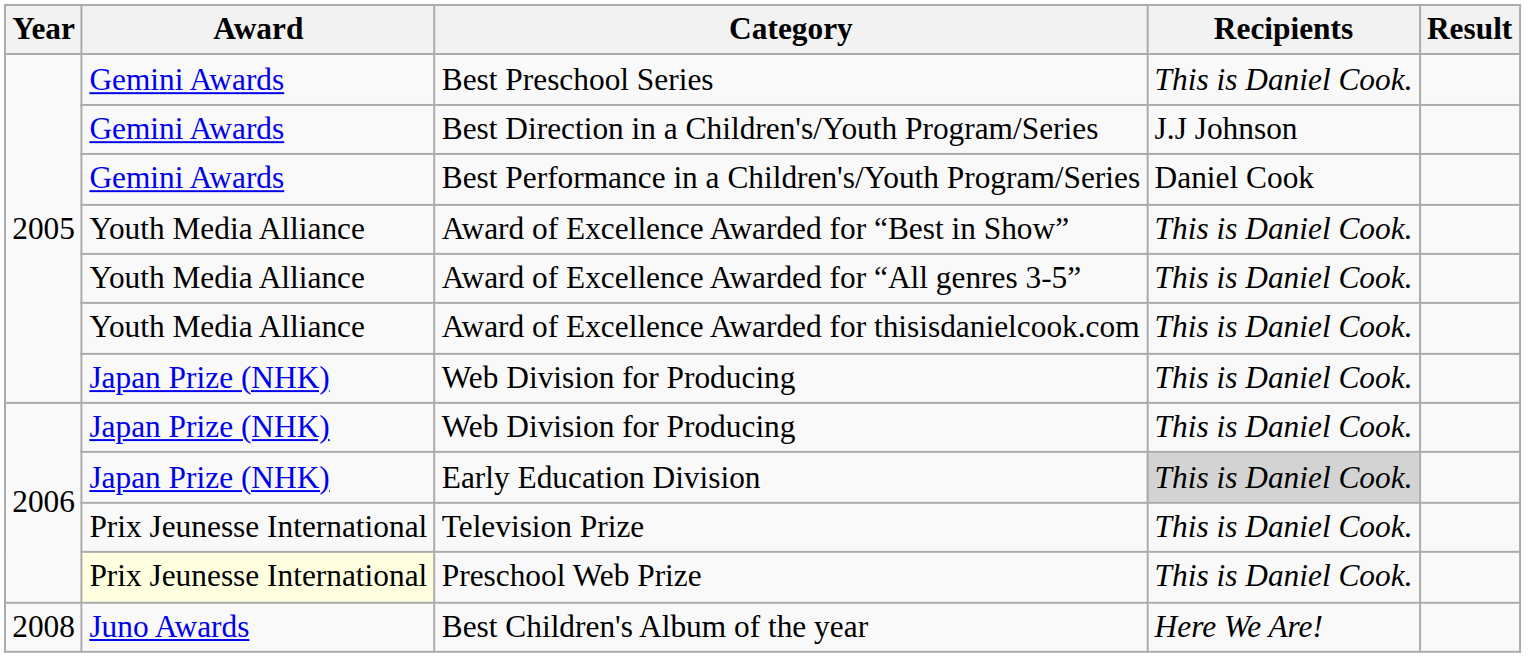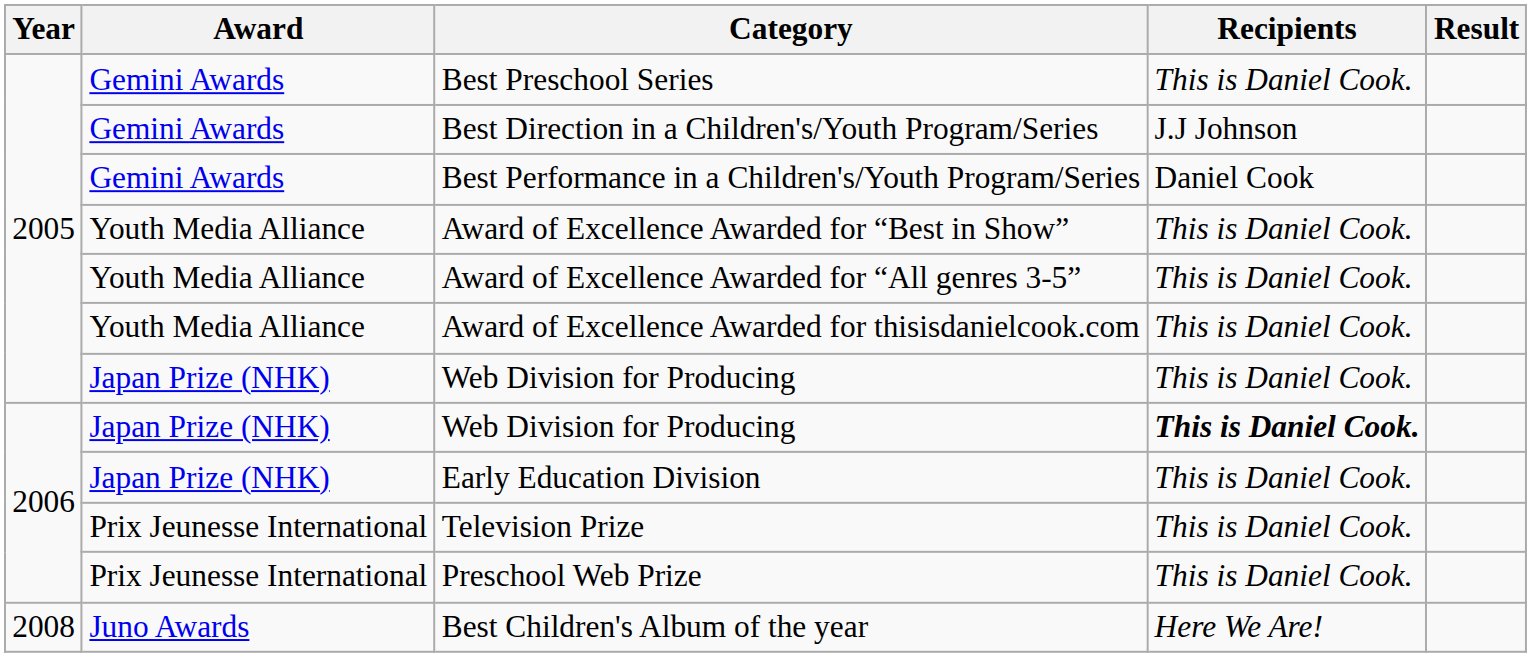 <table class="wikitable">
 <tr>
 <th>Year</th>
 <th>Award</th>
 <th>Category</th>
 <th>Recipients</th>
 <th>Result</th>
 </tr>
 <tr>
 <td rowspan="7">2005</td>
 <td><a href='#'>Gemini Awards</a></td>
 <td>Best Preschool Series</td>
 <td><em>This is Daniel Cook.</em></td>
 <td></td>
 </tr>
 <tr>
 <td><a href='#'>Gemini Awards</a></td>
 <td>Best Direction in a Children's/Youth Program/Series</td>
 <td>J.J Johnson</td>
 <td></td>
 </tr>
 <tr>
 <td><a href='#'>Gemini Awards</a></td>
 <td>Best Performance in a Children's/Youth Program/Series</td>
 <td>Daniel Cook</td>
 <td></td>
 </tr>
 <tr>
 <td>Youth Media Alliance</td>
 <td>Award of Excellence Awarded for “Best in Show”</td>
 <td><em>This is Daniel Cook.</em></td>
 <td></td>
 </tr>
 <tr>
 <td>Youth Media Alliance</td>
 <td>Award of Excellence Awarded for “All genres 3-5”</td>
 <td><em>This is Daniel Cook.</em></td>
 <td></td>
 </tr>
 <tr>
 <td>Youth Media Alliance</td>
 <td>Award of Excellence Awarded for thisisdanielcook.com</td>
 <td><em>This is Daniel Cook.</em></td>
 <td></td>
 </tr>
 <tr>
 <td><a href='#'>Japan Prize (NHK)</a></td>
 <td>Web Division for Producing</td>
 <td><em>This is Daniel Cook.</em></td>
 <td></td>
 </tr>
 <tr>
 <td rowspan="4">2006</td>
 <td><a href='#'>Japan Prize (NHK)</a></td>
 <td>Web Division for Producing</td>
-<td><em>This is Daniel Cook.</em></td>
+<td><strong><em>This is Daniel Cook.</em></strong></td>
 <td></td>
 </tr>
 <tr>
 <td><a href='#'>Japan Prize (NHK)</a></td>
 <td>Early Education Division</td>
-<td style="background: lightgrey;"><em>This is Daniel Cook.</em></td>
+<td><em>This is Daniel Cook.</em></td>
 <td></td>
 </tr>
 <tr>
 <td>Prix Jeunesse International</td>
 <td>Television Prize</td>
 <td><em>This is Daniel Cook.</em></td>
 <td></td>
 </tr>
 <tr>
-<td style="background: lightyellow;">Prix Jeunesse International</td>
+<td>Prix Jeunesse International</td>
 <td>Preschool Web Prize</td>
 <td><em>This is Daniel Cook.</em></td>
 <td></td>
 </tr>
 <tr>
 <td>2008</td>
 <td><a href='#'>Juno Awards</a></td>
 <td>Best Children's Album of the year</td>
 <td><em>Here We Are!</em></td>
 <td></td>
 </tr>
 </table>
